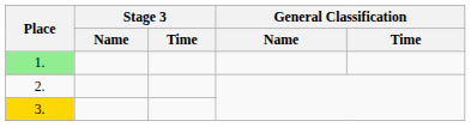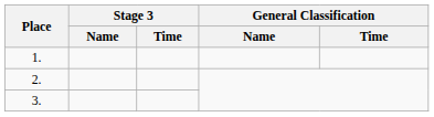 <table class=wikitable style="font-size:95%" width="80%">
 <tr>
 <th rowspan="2">Place</th>
 <th colspan="2">Stage 3</th>
 <th colspan="2">General Classification</th>
 </tr>
 <tr>
 <th>Name</th>
 <th>Time</th>
 <th>Name</th>
 <th>Time</th>
 </tr>
 <tr>
-<td align="center" style="background: lightgreen;">1.</td>
+<td align="center">1.</td>
 <td></td>
 <td></td>
 <td></td>
 <td></td>
 </tr>
 <tr>
 <td align="center">2.</td>
 <td></td>
 <td></td>
 </tr>
 <tr>
-<td align="center" style="background: gold;">3.</td>
+<td align="center">3.</td>
 <td></td>
 <td></td>
 </tr>
 </table>
